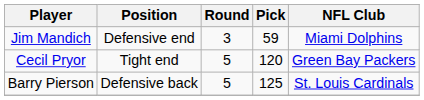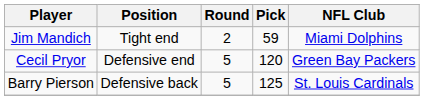 <table class="wikitable" style="text-align:center">
 <tr>
 <th>Player</th>
 <th>Position</th>
 <th>Round</th>
 <th>Pick</th>
 <th>NFL Club</th>
 </tr>
 <tr>
 <td><a href='#'>Jim Mandich</a></td>
-<td>Defensive end</td>
-<td>3</td>
+<td>Tight end</td>
+<td>2</td>
 <td>59</td>
 <td><a href='#'>Miami Dolphins</a></td>
 </tr>
 <tr>
 <td><a href='#'>Cecil Pryor</a></td>
-<td>Tight end</td>
+<td>Defensive end</td>
 <td>5</td>
 <td>120</td>
 <td><a href='#'>Green Bay Packers</a></td>
 </tr>
 <tr>
 <td>Barry Pierson</td>
 <td>Defensive back</td>
 <td>5</td>
 <td>125</td>
 <td><a href='#'>St. Louis Cardinals</a></td>
 </tr>
 <tr>
 </tr>
 </table>
